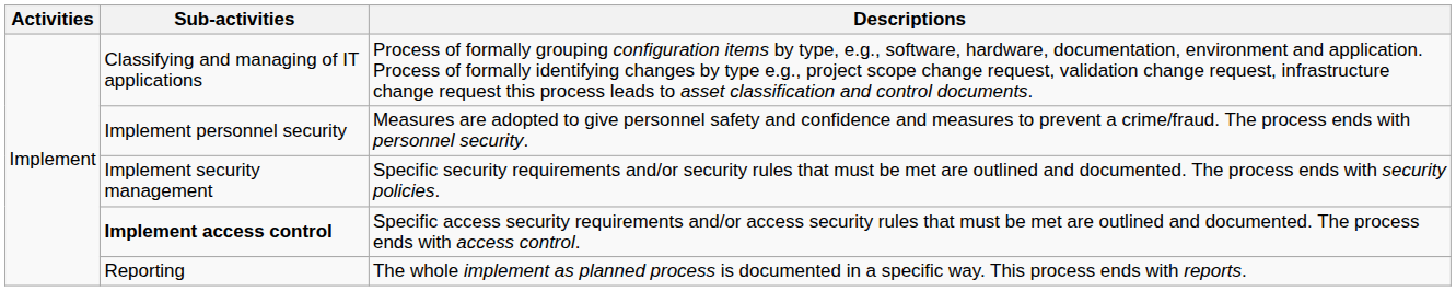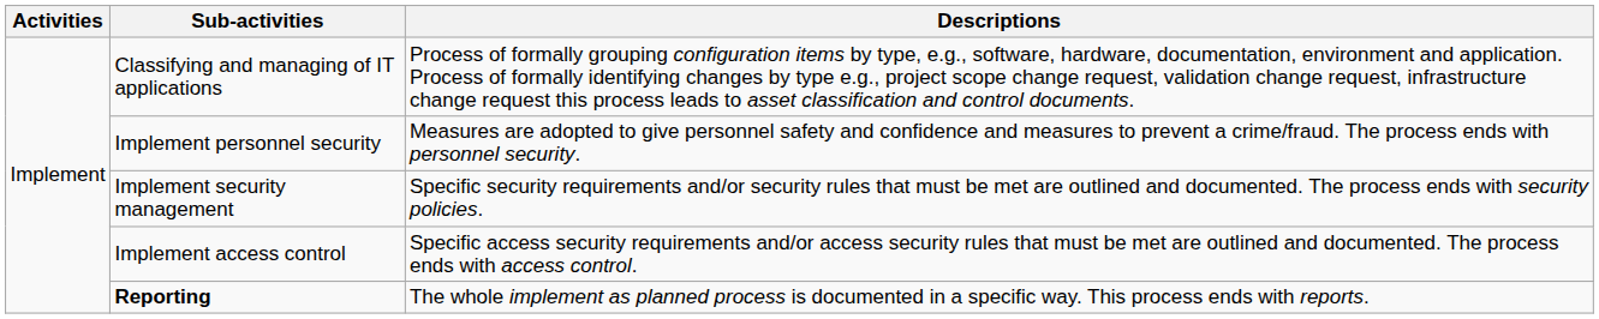 <table class="wikitable">
 <tr>
 <th>Activities</th>
 <th>Sub-activities</th>
 <th>Descriptions</th>
 </tr>
 <tr>
 <td rowspan=5>Implement</td>
 <td>Classifying and managing of IT applications</td>
 <td>Process of formally grouping <em>configuration items</em> by type, e.g., software, hardware, documentation, environment and application.<br>Process of formally identifying changes by type e.g., project scope change request, validation change request, infrastructure change request this process leads to <em>asset classification and control documents</em>.</td>
 </tr>
 <tr>
 <td>Implement personnel security</td>
 <td>Measures are adopted to give personnel safety and confidence and measures to prevent a crime/fraud. The process ends with <em>personnel security</em>.</td>
 </tr>
 <tr>
 <td>Implement security management</td>
 <td>Specific security requirements and/or security rules that must be met are outlined and documented. The process ends with <em>security policies</em>.</td>
 </tr>
 <tr>
-<td><strong>Implement access control</strong></td>
+<td>Implement access control</td>
 <td>Specific access security requirements and/or access security rules that must be met are outlined and documented. The process ends with <em>access control</em>.</td>
 </tr>
 <tr>
-<td>Reporting</td>
+<td><strong>Reporting</strong></td>
 <td>The whole <em>implement as planned process</em> is documented in a specific way. This process ends with <em>reports</em>.</td>
 </tr>
 </table>
